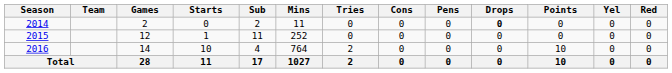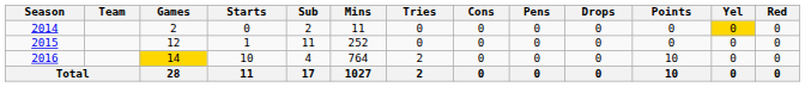 <table class="wikitable" style="text-align:center; line-height:90%; font-size:95%; width:70%;">
 <tr>
 <th>Season</th>
 <th>Team</th>
 <th>Games</th>
 <th>Starts</th>
 <th>Sub</th>
 <th>Mins</th>
 <th>Tries</th>
 <th>Cons</th>
 <th>Pens</th>
 <th>Drops</th>
 <th>Points</th>
 <th>Yel</th>
 <th>Red</th>
 </tr>
 <tr>
 <td><a href='#'>2014</a></td>
 <td></td>
 <td>2</td>
 <td>0</td>
 <td>2</td>
 <td>11</td>
 <td>0</td>
 <td>0</td>
 <td>0</td>
-<td><strong>0</strong></td>
 <td>0</td>
 <td>0</td>
+<td style="background: gold;">0</td>
 <td>0</td>
 </tr>
 <tr>
 <td><a href='#'>2015</a></td>
 <td></td>
 <td>12</td>
 <td>1</td>
 <td>11</td>
 <td>252</td>
 <td>0</td>
 <td>0</td>
 <td>0</td>
 <td>0</td>
 <td>0</td>
 <td>0</td>
 <td>0</td>
 </tr>
 <tr>
 <td><a href='#'>2016</a></td>
 <td></td>
-<td>14</td>
+<td style="background: gold;">14</td>
 <td>10</td>
 <td>4</td>
 <td>764</td>
 <td>2</td>
 <td>0</td>
 <td>0</td>
 <td>0</td>
 <td>10</td>
 <td>0</td>
 <td>0</td>
 </tr>
 <tr>
 <th colspan="2">Total</th>
 <th>28</th>
 <th>11</th>
 <th>17</th>
 <th>1027</th>
 <th>2</th>
 <th>0</th>
 <th>0</th>
 <th>0</th>
 <th>10</th>
 <th>0</th>
 <th>0</th>
 </tr>
 </table>
